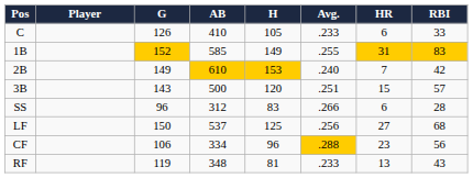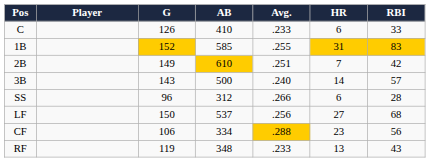 <table class="wikitable sortable">
 <tr>
 <th style="background:#1c2841; color:white; width:5%;">Pos</th>
 <th style="background:#1c2841; color:white; width:16%;">Player</th>
 <th style="background:#1c2841; color:white; width:9%;">G</th>
 <th style="background:#1c2841; color:white; width:9%;">AB</th>
-<th style="background:#1c2841; color:white; width:9%;">H</th>
 <th style="background:#1c2841; color:white; width:9%;">Avg.</th>
 <th style="background:#1c2841; color:white; width:9%;">HR</th>
 <th style="background:#1c2841; color:white; width:9%;">RBI</th>
 </tr>
 <tr style="text-align:center;">
 <td>C</td>
 <td></td>
 <td>126</td>
 <td>410</td>
-<td>105</td>
 <td>.233</td>
 <td>6</td>
 <td>33</td>
 </tr>
 <tr align="center">
 <td>1B</td>
 <td></td>
 <td style="background:#fc0;">152</td>
 <td>585</td>
-<td>149</td>
 <td>.255</td>
 <td style="background:#fc0;">31</td>
 <td style="background:#fc0;">83</td>
 </tr>
 <tr align="center">
 <td>2B</td>
 <td></td>
 <td>149</td>
 <td style="background:#fc0;">610</td>
-<td style="background:#fc0;">153</td>
-<td>.240</td>
+<td>.251</td>
 <td>7</td>
 <td>42</td>
 </tr>
 <tr align="center">
 <td>3B</td>
 <td></td>
 <td>143</td>
 <td>500</td>
-<td>120</td>
-<td>.251</td>
-<td>15</td>
+<td>.240</td>
+<td>14</td>
 <td>57</td>
 </tr>
 <tr align="center">
 <td>SS</td>
 <td></td>
 <td>96</td>
 <td>312</td>
-<td>83</td>
 <td>.266</td>
 <td>6</td>
 <td>28</td>
 </tr>
 <tr align="center">
 <td>LF</td>
 <td></td>
 <td>150</td>
 <td>537</td>
-<td>125</td>
 <td>.256</td>
 <td>27</td>
 <td>68</td>
 </tr>
 <tr align="center">
 <td>CF</td>
 <td></td>
 <td>106</td>
 <td>334</td>
-<td>96</td>
 <td style="background:#fc0;">.288</td>
 <td>23</td>
 <td>56</td>
 </tr>
 <tr align="center">
 <td>RF</td>
 <td></td>
 <td>119</td>
 <td>348</td>
-<td>81</td>
 <td>.233</td>
 <td>13</td>
 <td>43</td>
 </tr>
 </table>
